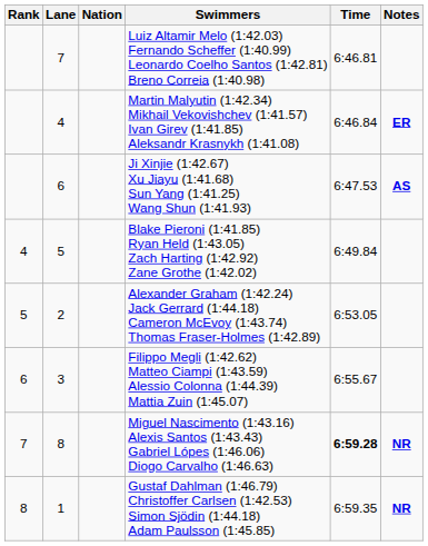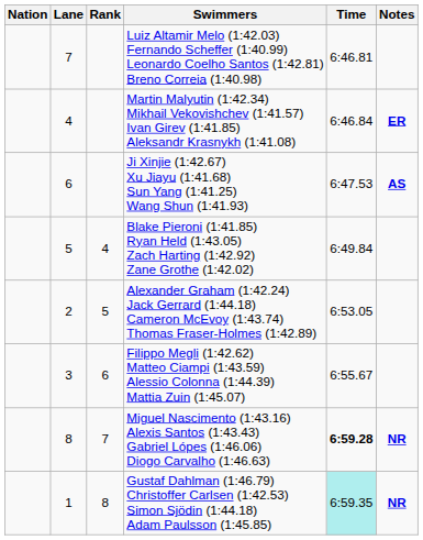 <table class="wikitable sortable" style="text-align:center">
 <tr>
+<th>Nation</th>
+<th>Lane</th>
 <th>Rank</th>
-<th>Lane</th>
-<th>Nation</th>
 <th>Swimmers</th>
 <th>Time</th>
 <th>Notes</th>
 </tr>
 <tr>
+<td align=left></td>
+<td>7</td>
 <td></td>
-<td>7</td>
-<td align=left></td>
 <td align=left><a href='#'>Luiz Altamir Melo</a> (1:42.03)<br><a href='#'>Fernando Scheffer</a> (1:40.99)<br><a href='#'>Leonardo Coelho Santos</a> (1:42.81)<br><a href='#'>Breno Correia</a> (1:40.98)</td>
 <td>6:46.81</td>
 <td></td>
 </tr>
 <tr>
+<td align=left></td>
+<td>4</td>
 <td></td>
-<td>4</td>
-<td align=left></td>
 <td align=left><a href='#'>Martin Malyutin</a> (1:42.34)<br><a href='#'>Mikhail Vekovishchev</a> (1:41.57)<br><a href='#'>Ivan Girev</a> (1:41.85)<br><a href='#'>Aleksandr Krasnykh</a> (1:41.08)</td>
 <td>6:46.84</td>
 <td><strong><a href='#'>ER</a></strong></td>
 </tr>
 <tr>
+<td align=left></td>
+<td>6</td>
 <td></td>
-<td>6</td>
-<td align=left></td>
 <td align=left><a href='#'>Ji Xinjie</a> (1:42.67)<br><a href='#'>Xu Jiayu</a> (1:41.68)<br><a href='#'>Sun Yang</a> (1:41.25)<br><a href='#'>Wang Shun</a> (1:41.93)</td>
 <td>6:47.53</td>
 <td><strong><a href='#'>AS</a></strong></td>
 </tr>
 <tr>
+<td align=left></td>
+<td>5</td>
 <td>4</td>
-<td>5</td>
-<td align=left></td>
 <td align=left><a href='#'>Blake Pieroni</a> (1:41.85)<br><a href='#'>Ryan Held</a> (1:43.05)<br><a href='#'>Zach Harting</a> (1:42.92)<br><a href='#'>Zane Grothe</a> (1:42.02)</td>
 <td>6:49.84</td>
 <td></td>
 </tr>
 <tr>
+<td align=left></td>
+<td>2</td>
 <td>5</td>
-<td>2</td>
-<td align=left></td>
 <td align=left><a href='#'>Alexander Graham</a> (1:42.24)<br><a href='#'>Jack Gerrard</a> (1:44.18)<br><a href='#'>Cameron McEvoy</a> (1:43.74)<br><a href='#'>Thomas Fraser-Holmes</a> (1:42.89)</td>
 <td>6:53.05</td>
 <td></td>
 </tr>
 <tr>
+<td align=left></td>
+<td>3</td>
 <td>6</td>
-<td>3</td>
-<td align=left></td>
 <td align=left><a href='#'>Filippo Megli</a> (1:42.62)<br><a href='#'>Matteo Ciampi</a> (1:43.59)<br><a href='#'>Alessio Colonna</a> (1:44.39)<br><a href='#'>Mattia Zuin</a> (1:45.07)</td>
 <td>6:55.67</td>
 <td></td>
 </tr>
 <tr>
+<td align=left></td>
+<td>8</td>
 <td>7</td>
-<td>8</td>
-<td align=left></td>
 <td align=left><a href='#'>Miguel Nascimento</a> (1:43.16)<br><a href='#'>Alexis Santos</a> (1:43.43)<br><a href='#'>Gabriel Lópes</a> (1:46.06)<br><a href='#'>Diogo Carvalho</a> (1:46.63)</td>
 <td><strong>6:59.28</strong></td>
 <td><strong><a href='#'>NR</a></strong></td>
 </tr>
 <tr>
+<td align=left></td>
+<td>1</td>
 <td>8</td>
-<td>1</td>
-<td align=left></td>
 <td align=left><a href='#'>Gustaf Dahlman</a> (1:46.79)<br><a href='#'>Christoffer Carlsen</a> (1:42.53)<br><a href='#'>Simon Sjödin</a> (1:44.18)<br><a href='#'>Adam Paulsson</a> (1:45.85)</td>
-<td>6:59.35</td>
+<td style="background: paleturquoise;">6:59.35</td>
 <td><strong><a href='#'>NR</a></strong></td>
 </tr>
 </table>
